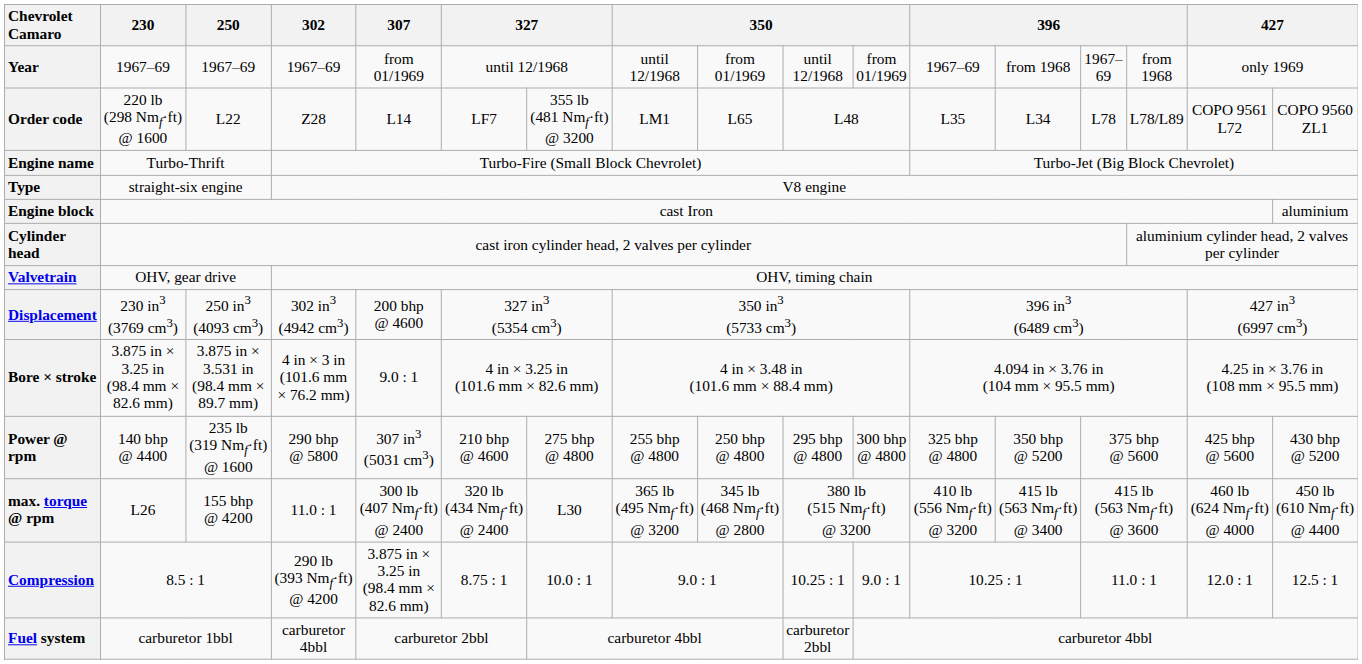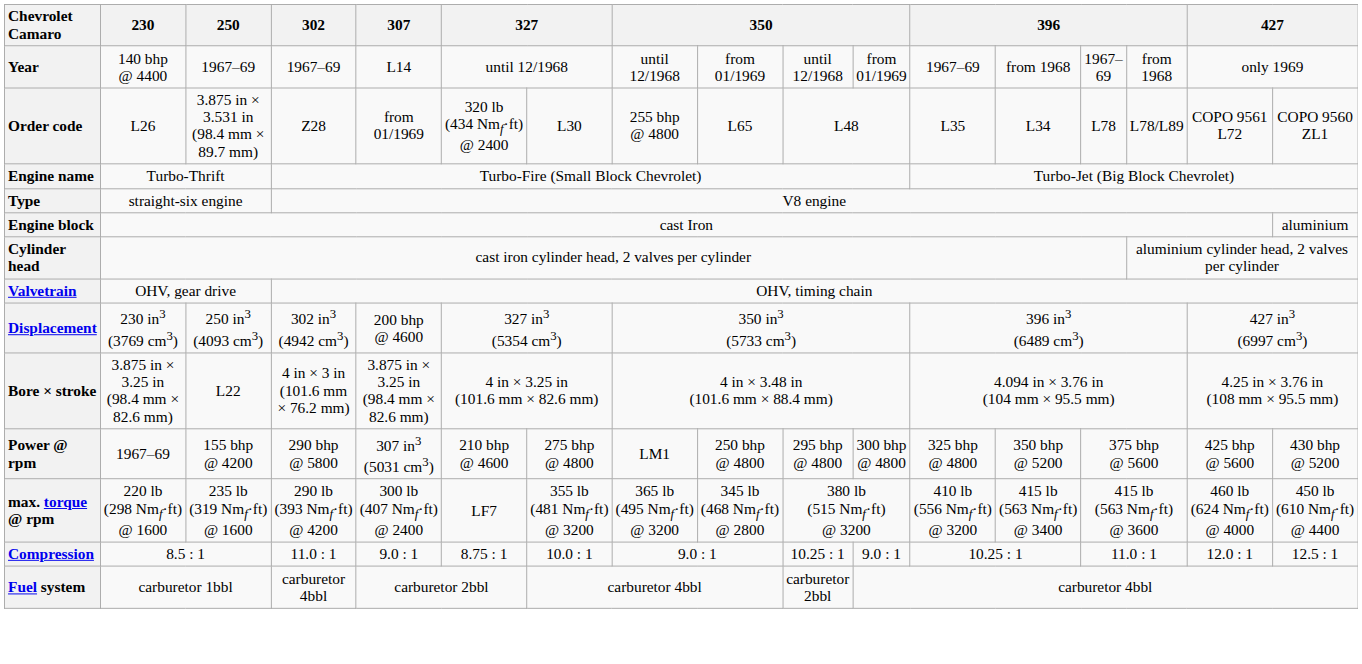 <table class="wikitable" style="text-align:center;">
 <tr>
 <th style="text-align:left;">Chevrolet Camaro</th>
 <th>230</th>
 <th>250</th>
 <th>302</th>
 <th>307</th>
 <th colspan="2">327</th>
 <th colspan="4">350</th>
 <th colspan="4">396</th>
 <th colspan="2">427</th>
 </tr>
 <tr>
 <th style="text-align:left;">Year</th>
+<td>140 bhp @ 4400</td>
 <td>1967–69</td>
 <td>1967–69</td>
-<td>1967–69</td>
-<td>from 01/1969</td>
+<td>L14</td>
 <td colspan="2">until 12/1968</td>
 <td>until 12/1968</td>
 <td>from 01/1969</td>
 <td>until 12/1968</td>
 <td>from 01/1969</td>
 <td>1967–69</td>
 <td>from 1968</td>
 <td>1967–69</td>
 <td>from 1968</td>
 <td colspan="2">only 1969</td>
 </tr>
 <tr>
 <th style="text-align:left;">Order code</th>
-<td>220 lb<br>(298 Nm<sub><em>f</em></sub>·ft) @ 1600</td>
-<td>L22</td>
+<td>L26</td>
+<td>3.875 in × 3.531 in<br>(98.4 mm × 89.7 mm)</td>
 <td>Z28</td>
-<td>L14</td>
-<td>LF7</td>
-<td>355 lb<br>(481 Nm<sub><em>f</em></sub>·ft) @ 3200</td>
-<td>LM1</td>
+<td>from 01/1969</td>
+<td>320 lb<br>(434 Nm<sub><em>f</em></sub>·ft) @ 2400</td>
+<td>L30</td>
+<td>255 bhp<br>@ 4800</td>
 <td>L65</td>
 <td colspan="2">L48</td>
 <td>L35</td>
 <td>L34</td>
 <td>L78</td>
 <td>L78/L89</td>
 <td>COPO 9561<br>L72</td>
 <td>COPO 9560<br>ZL1</td>
 </tr>
 <tr>
 <th style="text-align:left;">Engine name</th>
 <td colspan="2">Turbo-Thrift</td>
 <td colspan="8">Turbo-Fire (Small Block Chevrolet)</td>
 <td colspan="6">Turbo-Jet (Big Block Chevrolet)</td>
 </tr>
 <tr>
 <th style="text-align:left;">Type</th>
 <td colspan="2">straight-six engine</td>
 <td colspan="14">V8 engine</td>
 </tr>
 <tr>
 <th style="text-align:left;">Engine block</th>
 <td colspan="15">cast Iron</td>
 <td>aluminium</td>
 </tr>
 <tr>
 <th style="text-align:left;">Cylinder head</th>
 <td colspan="13">cast iron cylinder head, 2 valves per cylinder</td>
 <td colspan="3">aluminium cylinder head, 2 valves per cylinder</td>
 </tr>
 <tr>
 <th style="text-align:left;"><a href='#'>Valvetrain</a></th>
 <td colspan="2">OHV, gear drive</td>
 <td colspan="14">OHV, timing chain</td>
 </tr>
 <tr>
 <th style="text-align:left;"><a href='#'>Displacement</a></th>
 <td>230 in<sup>3</sup><br>(3769 cm<sup>3</sup>)</td>
 <td>250 in<sup>3</sup><br>(4093 cm<sup>3</sup>)</td>
 <td>302 in<sup>3</sup><br>(4942 cm<sup>3</sup>)</td>
 <td>200 bhp<br>@ 4600</td>
 <td colspan="2">327 in<sup>3</sup><br>(5354 cm<sup>3</sup>)</td>
 <td colspan="4">350 in<sup>3</sup><br>(5733 cm<sup>3</sup>)</td>
 <td colspan="4">396 in<sup>3</sup><br>(6489 cm<sup>3</sup>)</td>
 <td colspan="2">427 in<sup>3</sup><br>(6997 cm<sup>3</sup>)</td>
 </tr>
 <tr>
 <th style="text-align:left;">Bore × stroke</th>
 <td>3.875 in × 3.25 in<br>(98.4 mm × 82.6 mm)</td>
-<td>3.875 in × 3.531 in<br>(98.4 mm × 89.7 mm)</td>
+<td>L22</td>
 <td>4 in × 3 in<br>(101.6 mm × 76.2 mm)</td>
-<td style="text-align:center;">9.0 : 1</td>
+<td>3.875 in × 3.25 in<br>(98.4 mm × 82.6 mm)</td>
 <td colspan="2">4 in × 3.25 in<br>(101.6 mm × 82.6 mm)</td>
 <td colspan="4">4 in × 3.48 in<br>(101.6 mm × 88.4 mm)</td>
 <td colspan="4">4.094 in × 3.76 in<br>(104 mm × 95.5 mm)</td>
 <td colspan="2">4.25 in × 3.76 in<br>(108 mm × 95.5 mm)</td>
 </tr>
 <tr>
 <th style="text-align:left;">Power @ rpm</th>
-<td>140 bhp @ 4400</td>
-<td>235 lb<br>(319 Nm<sub><em>f</em></sub>·ft) @ 1600</td>
+<td>1967–69</td>
+<td>155 bhp<br>@ 4200</td>
 <td>290 bhp<br>@ 5800</td>
 <td>307 in<sup>3</sup><br>(5031 cm<sup>3</sup>)</td>
 <td>210 bhp<br>@ 4600</td>
 <td>275 bhp<br>@ 4800</td>
-<td>255 bhp<br>@ 4800</td>
+<td>LM1</td>
 <td>250 bhp<br>@ 4800</td>
 <td>295 bhp<br>@ 4800</td>
 <td>300 bhp<br>@ 4800</td>
 <td>325 bhp<br>@ 4800</td>
 <td>350 bhp<br>@ 5200</td>
 <td colspan="2">375 bhp<br>@ 5600</td>
 <td>425 bhp<br>@ 5600</td>
 <td>430 bhp<br>@ 5200</td>
 </tr>
 <tr>
 <th style="text-align:left;">max. <a href='#'>torque</a> @ rpm</th>
-<td>L26</td>
-<td>155 bhp<br>@ 4200</td>
-<td>11.0 : 1</td>
+<td>220 lb<br>(298 Nm<sub><em>f</em></sub>·ft) @ 1600</td>
+<td>235 lb<br>(319 Nm<sub><em>f</em></sub>·ft) @ 1600</td>
+<td>290 lb<br>(393 Nm<sub><em>f</em></sub>·ft) @ 4200</td>
 <td>300 lb<br>(407 Nm<sub><em>f</em></sub>·ft) @ 2400</td>
-<td>320 lb<br>(434 Nm<sub><em>f</em></sub>·ft) @ 2400</td>
-<td>L30</td>
+<td>LF7</td>
+<td>355 lb<br>(481 Nm<sub><em>f</em></sub>·ft) @ 3200</td>
 <td style="text-align:center;">365 lb<br>(495 Nm<sub><em>f</em></sub>·ft) @ 3200</td>
 <td>345 lb<br>(468 Nm<sub><em>f</em></sub>·ft) @ 2800</td>
 <td colspan="2">380 lb<br>(515 Nm<sub><em>f</em></sub>·ft) @ 3200</td>
 <td style="text-align:center;">410 lb<br>(556 Nm<sub><em>f</em></sub>·ft) @ 3200</td>
 <td style="text-align:center;">415 lb<br>(563 Nm<sub><em>f</em></sub>·ft) @ 3400</td>
 <td colspan="2">415 lb<br>(563 Nm<sub><em>f</em></sub>·ft) @ 3600</td>
 <td>460 lb<br>(624 Nm<sub><em>f</em></sub>·ft) @ 4000</td>
 <td>450 lb<br>(610 Nm<sub><em>f</em></sub>·ft) @ 4400</td>
 </tr>
 <tr>
 <th style="text-align:left;"><a href='#'>Compression</a></th>
 <td colspan="2">8.5 : 1</td>
-<td>290 lb<br>(393 Nm<sub><em>f</em></sub>·ft) @ 4200</td>
-<td>3.875 in × 3.25 in<br>(98.4 mm × 82.6 mm)</td>
+<td>11.0 : 1</td>
+<td style="text-align:center;">9.0 : 1</td>
 <td>8.75 : 1</td>
 <td style="text-align:center;">10.0 : 1</td>
 <td colspan="2">9.0 : 1</td>
 <td>10.25 : 1</td>
 <td style="text-align:center;">9.0 : 1</td>
 <td colspan="2">10.25 : 1</td>
 <td colspan="2">11.0 : 1</td>
 <td>12.0 : 1</td>
 <td>12.5 : 1</td>
 </tr>
 <tr>
 <th style="text-align:left;"><a href='#'>Fuel</a> system</th>
 <td colspan="2">carburetor 1bbl</td>
 <td>carburetor 4bbl</td>
 <td colspan="2">carburetor 2bbl</td>
 <td colspan="3">carburetor 4bbl</td>
 <td>carburetor 2bbl</td>
 <td colspan="7">carburetor 4bbl</td>
 </tr>
 </table>
